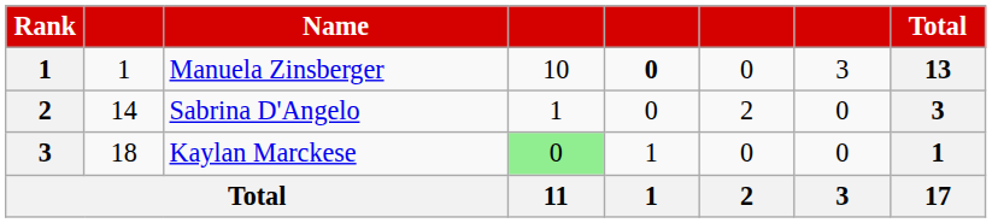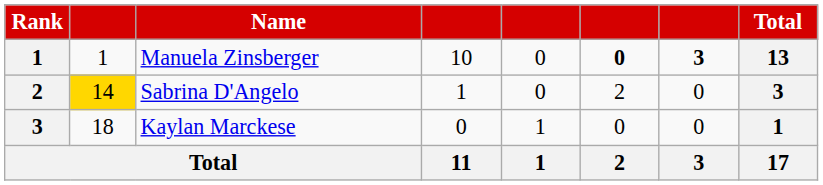 <table class="wikitable sortable" style="text-align:center; font-size:100%; ">
 <tr>
 <th style="background:#d50000; color:white; text-align:center; width:40px">Rank</th>
 <th style="background:#d50000; color:white; text-align:center; width:40px"></th>
 <th style="background:#d50000; color:white; text-align:center; width:200px">Name</th>
 <th style="background:#d50000; color:white; text-align:center; width:50px;"><a href='#'></a></th>
 <th style="background:#d50000; color:white; text-align:center; width:50px;"><a href='#'></a></th>
 <th style="background:#d50000; color:white; text-align:center; width:50px;"><a href='#'></a></th>
 <th style="background:#d50000; color:white; text-align:center; width:50px;"><a href='#'></a></th>
 <th style="background:#d50000; color:white; text-align:center; width:50px;">Total</th>
 </tr>
 <tr>
 <th>1</th>
 <td>1</td>
 <td align="left"> <a href='#'>Manuela Zinsberger</a></td>
 <td>10</td>
+<td>0</td>
 <td><strong>0</strong></td>
-<td>0</td>
-<td>3</td>
+<td><strong>3</strong></td>
 <th>13</th>
 </tr>
 <tr>
 <th>2</th>
-<td>14</td>
+<td style="background: gold;">14</td>
 <td align="left"> <a href='#'>Sabrina D'Angelo</a></td>
 <td>1</td>
 <td>0</td>
 <td>2</td>
 <td>0</td>
 <th>3</th>
 </tr>
 <tr>
 <th>3</th>
 <td>18</td>
 <td align="left"> <a href='#'>Kaylan Marckese</a></td>
-<td style="background: lightgreen;">0</td>
+<td>0</td>
 <td>1</td>
 <td>0</td>
 <td>0</td>
 <th>1</th>
 </tr>
 <tr>
 <th colspan="3">Total</th>
 <th>11</th>
 <th>1</th>
 <th>2</th>
 <th>3</th>
 <th>17</th>
 </tr>
 </table>
